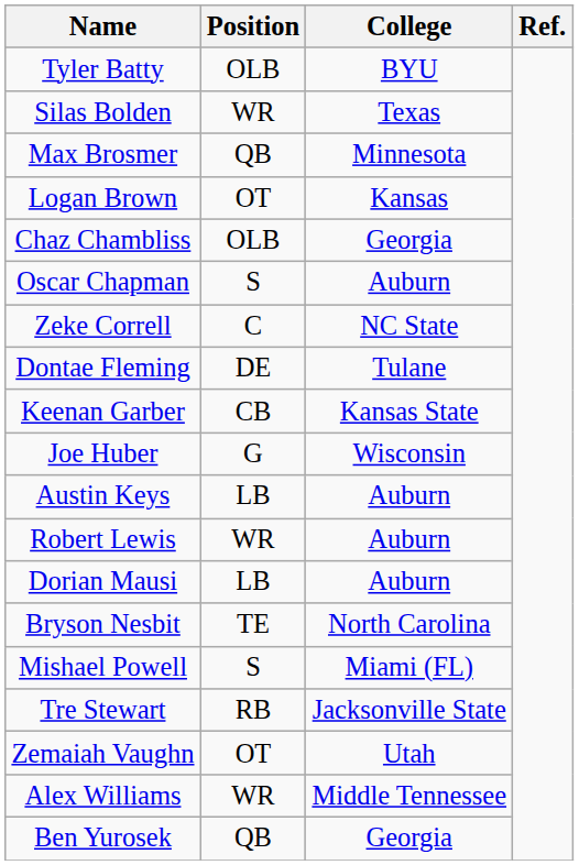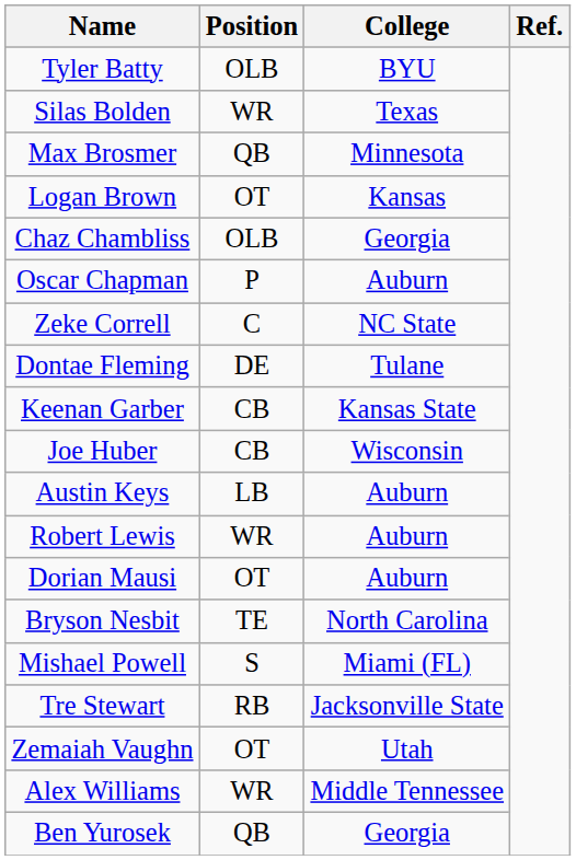 <table class="wikitable" style="text-align:center">
 <tr>
 <th>Name</th>
 <th>Position</th>
 <th>College</th>
 <th>Ref.</th>
 </tr>
 <tr>
 <td><a href='#'>Tyler Batty</a></td>
 <td>OLB</td>
 <td><a href='#'>BYU</a></td>
 <td rowspan="19"></td>
 </tr>
 <tr>
 <td><a href='#'>Silas Bolden</a></td>
 <td>WR</td>
 <td><a href='#'>Texas</a></td>
 </tr>
 <tr>
 <td><a href='#'>Max Brosmer</a></td>
 <td>QB</td>
 <td><a href='#'>Minnesota</a></td>
 </tr>
 <tr>
 <td><a href='#'>Logan Brown</a></td>
 <td>OT</td>
 <td><a href='#'>Kansas</a></td>
 </tr>
 <tr>
 <td><a href='#'>Chaz Chambliss</a></td>
 <td>OLB</td>
 <td><a href='#'>Georgia</a></td>
 </tr>
 <tr>
 <td><a href='#'>Oscar Chapman</a></td>
-<td>S</td>
+<td>P</td>
 <td><a href='#'>Auburn</a></td>
 </tr>
 <tr>
 <td><a href='#'>Zeke Correll</a></td>
 <td>C</td>
 <td><a href='#'>NC State</a></td>
 </tr>
 <tr>
 <td><a href='#'>Dontae Fleming</a></td>
 <td>DE</td>
 <td><a href='#'>Tulane</a></td>
 </tr>
 <tr>
 <td><a href='#'>Keenan Garber</a></td>
 <td>CB</td>
 <td><a href='#'>Kansas State</a></td>
 </tr>
 <tr>
 <td><a href='#'>Joe Huber</a></td>
-<td>G</td>
+<td>CB</td>
 <td><a href='#'>Wisconsin</a></td>
 </tr>
 <tr>
 <td><a href='#'>Austin Keys</a></td>
 <td>LB</td>
 <td><a href='#'>Auburn</a></td>
 </tr>
 <tr>
 <td><a href='#'>Robert Lewis</a></td>
 <td>WR</td>
 <td><a href='#'>Auburn</a></td>
 </tr>
 <tr>
 <td><a href='#'>Dorian Mausi</a></td>
-<td>LB</td>
+<td>OT</td>
 <td><a href='#'>Auburn</a></td>
 </tr>
 <tr>
 <td><a href='#'>Bryson Nesbit</a></td>
 <td>TE</td>
 <td><a href='#'>North Carolina</a></td>
 </tr>
 <tr>
 <td><a href='#'>Mishael Powell</a></td>
 <td>S</td>
 <td><a href='#'>Miami (FL)</a></td>
 </tr>
 <tr>
 <td><a href='#'>Tre Stewart</a></td>
 <td>RB</td>
 <td><a href='#'>Jacksonville State</a></td>
 </tr>
 <tr>
 <td><a href='#'>Zemaiah Vaughn</a></td>
 <td>OT</td>
 <td><a href='#'>Utah</a></td>
 </tr>
 <tr>
 <td><a href='#'>Alex Williams</a></td>
 <td>WR</td>
 <td><a href='#'>Middle Tennessee</a></td>
 </tr>
 <tr>
 <td><a href='#'>Ben Yurosek</a></td>
 <td>QB</td>
 <td><a href='#'>Georgia</a></td>
 </tr>
 </table>
